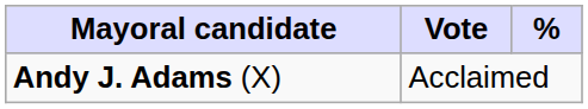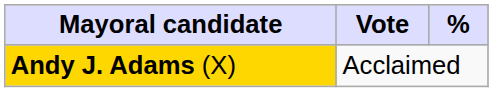 <table class="wikitable">
 <tr>
 <th style="background:#ddf;" width="200px">Mayoral candidate</th>
 <th style="background:#ddf;" width="50px">Vote</th>
 <th style="background:#ddf;" width="30px">%</th>
 </tr>
 <tr>
-<td><strong>Andy J. Adams</strong> (X)</td>
+<td style="background: gold;"><strong>Andy J. Adams</strong> (X)</td>
 <td colspan="2">Acclaimed</td>
 </tr>
 </table>
